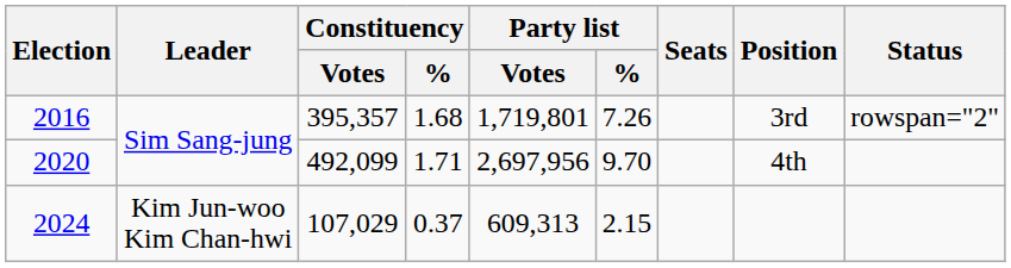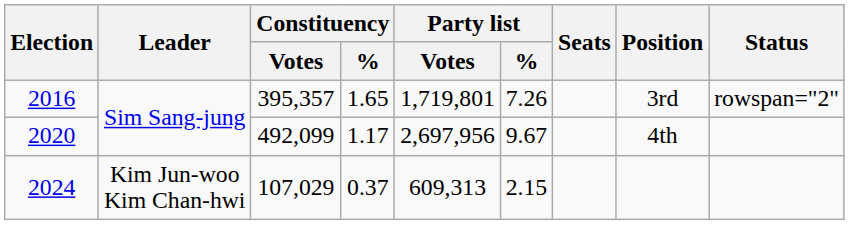 <table class="wikitable" style="text-align:center">
 <tr>
 <th rowspan="2">Election</th>
 <th rowspan="2">Leader</th>
 <th colspan="2">Constituency</th>
 <th colspan="2">Party list</th>
 <th rowspan="2">Seats</th>
 <th rowspan="2">Position</th>
 <th rowspan="2">Status</th>
 </tr>
 <tr>
 <th>Votes</th>
 <th>%</th>
 <th>Votes</th>
 <th>%</th>
 </tr>
 <tr>
 <td><a href='#'>2016</a></td>
 <td rowspan="2"><a href='#'>Sim Sang-jung</a></td>
 <td>395,357</td>
-<td>1.68</td>
+<td>1.65</td>
 <td>1,719,801</td>
 <td>7.26</td>
 <td></td>
 <td> 3rd</td>
 <td>rowspan="2" </td>
 </tr>
 <tr>
 <td><a href='#'>2020</a></td>
 <td>492,099</td>
-<td>1.71</td>
+<td>1.17</td>
 <td>2,697,956</td>
-<td>9.70</td>
+<td>9.67</td>
 <td></td>
 <td>4th</td>
 </tr>
 <tr>
 <td><a href='#'>2024</a></td>
 <td>Kim Jun-woo<br>Kim Chan-hwi</td>
 <td>107,029</td>
 <td>0.37</td>
 <td>609,313</td>
 <td>2.15</td>
 <td></td>
 <td></td>
 <td></td>
 </tr>
 </table>
